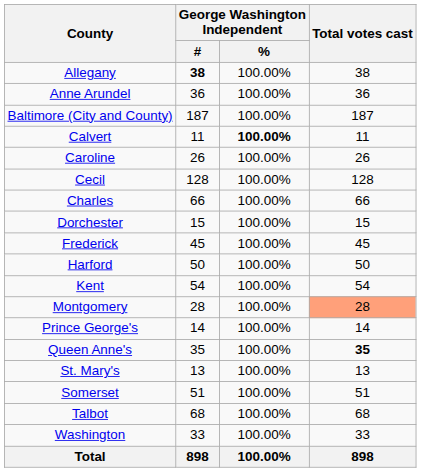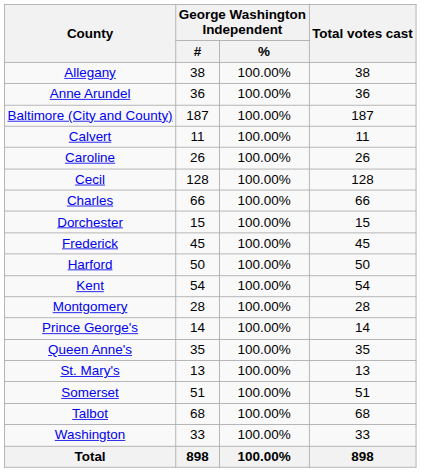 <table class="wikitable sortable">
 <tr>
 <th rowspan="2">County</th>
 <th colspan="2">George Washington<br>Independent</th>
 <th rowspan="2">Total votes cast</th>
 </tr>
 <tr>
 <th>#</th>
 <th>%</th>
 </tr>
 <tr style="text-align:center;">
 <td colspan="1" ><a href='#'>Allegany</a></td>
-<td><strong>38</strong></td>
+<td>38</td>
 <td>100.00%</td>
 <td>38</td>
 </tr>
 <tr style="text-align:center;">
 <td colspan="1" ><a href='#'>Anne Arundel</a></td>
 <td>36</td>
 <td>100.00%</td>
 <td>36</td>
 </tr>
 <tr style="text-align:center;">
 <td colspan="1" ><a href='#'>Baltimore (City and County)</a></td>
 <td>187</td>
 <td>100.00%</td>
 <td>187</td>
 </tr>
 <tr style="text-align:center;">
 <td colspan="1" ><a href='#'>Calvert</a></td>
 <td>11</td>
-<td><strong>100.00%</strong></td>
+<td>100.00%</td>
 <td>11</td>
 </tr>
 <tr style="text-align:center;">
 <td colspan="1" ><a href='#'>Caroline</a></td>
 <td>26</td>
 <td>100.00%</td>
 <td>26</td>
 </tr>
 <tr style="text-align:center;">
 <td colspan="1" ><a href='#'>Cecil</a></td>
 <td>128</td>
 <td>100.00%</td>
 <td>128</td>
 </tr>
 <tr style="text-align:center;">
 <td colspan="1" ><a href='#'>Charles</a></td>
 <td>66</td>
 <td>100.00%</td>
 <td>66</td>
 </tr>
 <tr style="text-align:center;">
 <td colspan="1" ><a href='#'>Dorchester</a></td>
 <td>15</td>
 <td>100.00%</td>
 <td>15</td>
 </tr>
 <tr style="text-align:center;">
 <td colspan="1" ><a href='#'>Frederick</a></td>
 <td>45</td>
 <td>100.00%</td>
 <td>45</td>
 </tr>
 <tr style="text-align:center;">
 <td colspan="1" ><a href='#'>Harford</a></td>
 <td>50</td>
 <td>100.00%</td>
 <td>50</td>
 </tr>
 <tr style="text-align:center;">
 <td colspan="1" ><a href='#'>Kent</a></td>
 <td>54</td>
 <td>100.00%</td>
 <td>54</td>
 </tr>
 <tr style="text-align:center;">
 <td colspan="1" ><a href='#'>Montgomery</a></td>
 <td>28</td>
 <td>100.00%</td>
-<td style="background: lightsalmon;">28</td>
+<td>28</td>
 </tr>
 <tr style="text-align:center;">
 <td colspan="1" ><a href='#'>Prince George's</a></td>
 <td>14</td>
 <td>100.00%</td>
 <td>14</td>
 </tr>
 <tr style="text-align:center;">
 <td colspan="1" ><a href='#'>Queen Anne's</a></td>
 <td>35</td>
 <td>100.00%</td>
-<td><strong>35</strong></td>
+<td>35</td>
 </tr>
 <tr style="text-align:center;">
 <td colspan="1" ><a href='#'>St. Mary's</a></td>
 <td>13</td>
 <td>100.00%</td>
 <td>13</td>
 </tr>
 <tr style="text-align:center;">
 <td colspan="1" ><a href='#'>Somerset</a></td>
 <td>51</td>
 <td>100.00%</td>
 <td>51</td>
 </tr>
 <tr style="text-align:center;">
 <td colspan="1" ><a href='#'>Talbot</a></td>
 <td>68</td>
 <td>100.00%</td>
 <td>68</td>
 </tr>
 <tr style="text-align:center;">
 <td colspan="1" ><a href='#'>Washington</a></td>
 <td>33</td>
 <td>100.00%</td>
 <td>33</td>
 </tr>
 <tr style="text-align:center;">
 <th>Total</th>
 <th>898</th>
 <th>100.00%</th>
 <th>898</th>
 </tr>
 </table>
